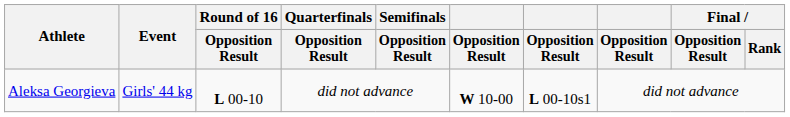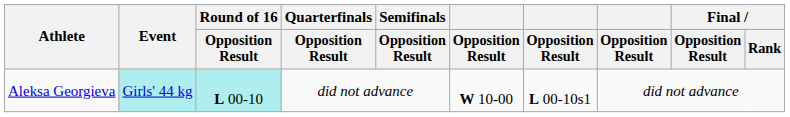 <table class="wikitable" style="text-align:center;font-size:90%">
 <tr>
 <th rowspan=2>Athlete</th>
 <th rowspan=2>Event</th>
 <th>Round of 16</th>
 <th>Quarterfinals</th>
 <th>Semifinals</th>
 <th></th>
 <th></th>
 <th></th>
 <th colspan=2>Final / </th>
 </tr>
 <tr style="font-size:95%">
 <th>Opposition<br>Result</th>
 <th>Opposition<br>Result</th>
 <th>Opposition<br>Result</th>
 <th>Opposition<br>Result</th>
 <th>Opposition<br>Result</th>
 <th>Opposition<br>Result</th>
 <th>Opposition<br>Result</th>
 <th>Rank</th>
 </tr>
 <tr align=center>
 <td align=left><a href='#'>Aleksa Georgieva</a></td>
-<td align=left><a href='#'>Girls' 44 kg</a></td>
-<td><br> <strong>L</strong> 00-10</td>
+<td align=left style="background: paleturquoise;"><a href='#'>Girls' 44 kg</a></td>
+<td style="background: paleturquoise;"><br> <strong>L</strong> 00-10</td>
 <td Colspan=2><em>did not advance</em></td>
 <td><br> <strong>W</strong> 10-00</td>
 <td><br> <strong>L</strong> 00-10s1</td>
 <td Colspan=3><em>did not advance</em></td>
 </tr>
 </table>
